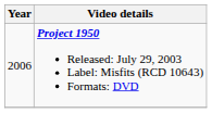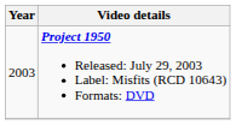 <table class ="wikitable">
 <tr>
 <th>Year</th>
 <th>Video details</th>
 </tr>
 <tr>
-<td>2006</td>
+<td>2003</td>
 <td><strong><em><a href='#'>Project 1950</a></em></strong><br><ul><li>Released: July 29, 2003</li><li>Label: Misfits (RCD 10643)</li><li>Formats: <a href='#'>DVD</a></li></ul></td>
 </tr>
 <tr>
 </tr>
 </table>
